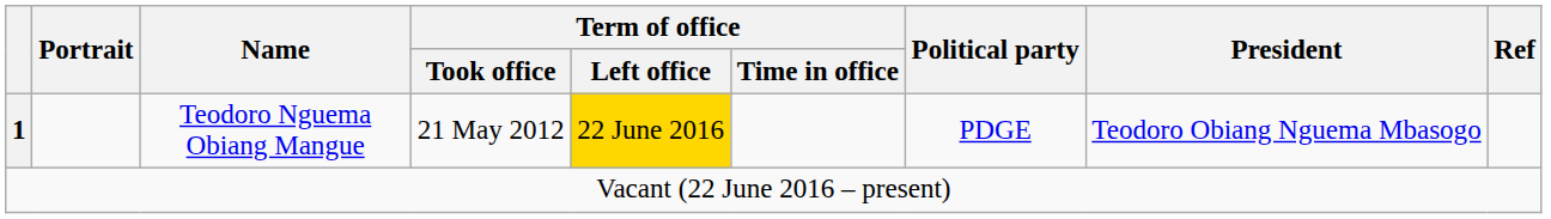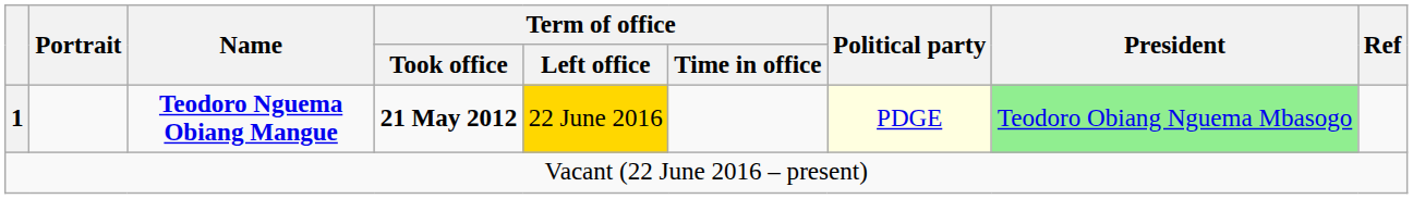 <table class="wikitable" style="text-align:center">
 <tr>
 <th rowspan="2"></th>
 <th rowspan="2">Portrait</th>
 <th rowspan="2" width="150">Name<br></th>
 <th colspan="3">Term of office</th>
 <th rowspan="2">Political party</th>
 <th rowspan="2">President</th>
 <th rowspan="2">Ref</th>
 </tr>
 <tr>
 <th>Took office</th>
 <th>Left office</th>
 <th>Time in office</th>
 </tr>
 <tr>
 <th style="background-color:">1</th>
 <td></td>
-<td><a href='#'>Teodoro Nguema Obiang Mangue</a><br></td>
-<td>21 May 2012</td>
+<td><strong><a href='#'>Teodoro Nguema Obiang Mangue</a><br></strong></td>
+<td><strong>21 May 2012</strong></td>
 <td style="background: gold;">22 June 2016</td>
 <td></td>
-<td><a href='#'>PDGE</a></td>
-<td><a href='#'>Teodoro Obiang Nguema Mbasogo</a></td>
+<td style="background: lightyellow;"><a href='#'>PDGE</a></td>
+<td style="background: lightgreen;"><a href='#'>Teodoro Obiang Nguema Mbasogo</a></td>
 <td></td>
 </tr>
 <tr>
 <td colspan="9">Vacant (22 June 2016 – present)</td>
 </tr>
 </table>
